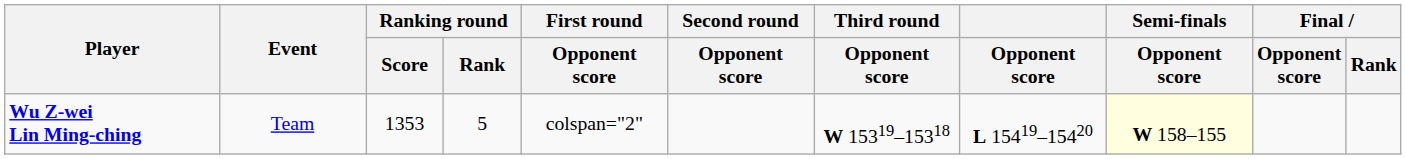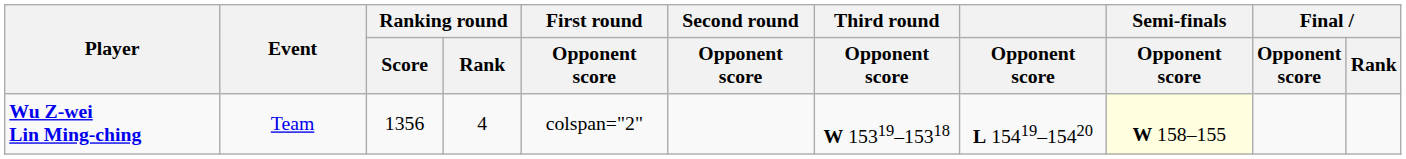 <table class="wikitable" style="font-size:90%; text-align:center">
 <tr>
 <th rowspan="2" width="150">Player</th>
 <th rowspan="2" width="100">Event</th>
 <th colspan="2">Ranking round</th>
 <th width="100">First round</th>
 <th width="100">Second round</th>
 <th width="100">Third round</th>
 <th width="100"></th>
 <th width="100">Semi-finals</th>
 <th colspan="2" width="100">Final / </th>
 </tr>
 <tr>
 <th width="50">Score</th>
 <th width="50">Rank</th>
 <th>Opponent<br>score</th>
 <th>Opponent<br>score</th>
 <th>Opponent<br>score</th>
 <th>Opponent<br>score</th>
 <th>Opponent<br>score</th>
 <th>Opponent<br>score</th>
 <th>Rank</th>
 </tr>
 <tr>
 <td align="left"><strong><a href='#'>Wu Z-wei</a><br><a href='#'>Lin Ming-ching</a></strong></td>
 <td><a href='#'>Team</a></td>
-<td>1353</td>
-<td>5</td>
+<td>1356</td>
+<td>4</td>
 <td>colspan="2" </td>
 <td></td>
 <td><br><strong>W</strong> 153<sup>19</sup>–153<sup>18</sup></td>
 <td><br><strong>L</strong> 154<sup>19</sup>–154<sup>20</sup></td>
 <td style="background: lightyellow;"><br><strong>W</strong> 158–155</td>
 <td></td>
 </tr>
 </table>
